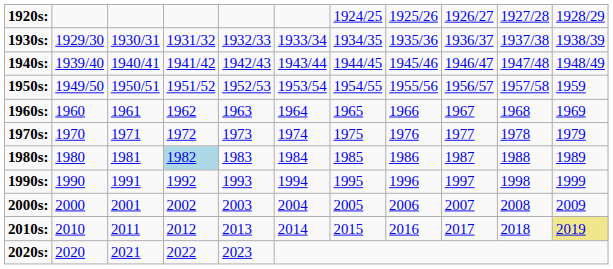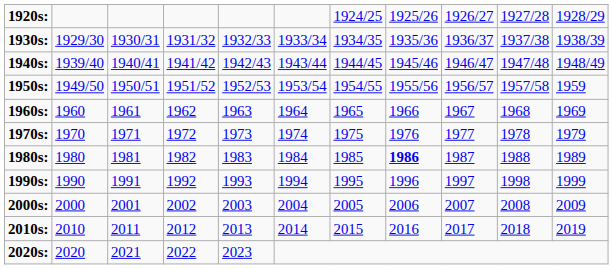 <table class="wikitable" style="width: 650px;">
 <tr>
 <td><strong>1920s:</strong></td>
 <td></td>
 <td></td>
 <td></td>
 <td></td>
 <td></td>
 <td><a href='#'>1924/25</a></td>
 <td><a href='#'>1925/26</a></td>
 <td><a href='#'>1926/27</a></td>
 <td><a href='#'>1927/28</a></td>
 <td><a href='#'>1928/29</a></td>
 </tr>
 <tr>
 <td><strong>1930s:</strong></td>
 <td><a href='#'>1929/30</a></td>
 <td><a href='#'>1930/31</a></td>
 <td><a href='#'>1931/32</a></td>
 <td><a href='#'>1932/33</a></td>
 <td><a href='#'>1933/34</a></td>
 <td><a href='#'>1934/35</a></td>
 <td><a href='#'>1935/36</a></td>
 <td><a href='#'>1936/37</a></td>
 <td><a href='#'>1937/38</a></td>
 <td><a href='#'>1938/39</a></td>
 </tr>
 <tr>
 <td><strong>1940s:</strong></td>
 <td><a href='#'>1939/40</a></td>
 <td><a href='#'>1940/41</a></td>
 <td><a href='#'>1941/42</a></td>
 <td><a href='#'>1942/43</a></td>
 <td><a href='#'>1943/44</a></td>
 <td><a href='#'>1944/45</a></td>
 <td><a href='#'>1945/46</a></td>
 <td><a href='#'>1946/47</a></td>
 <td><a href='#'>1947/48</a></td>
 <td><a href='#'>1948/49</a></td>
 </tr>
 <tr>
 <td><strong>1950s:</strong></td>
 <td><a href='#'>1949/50</a></td>
 <td><a href='#'>1950/51</a></td>
 <td><a href='#'>1951/52</a></td>
 <td><a href='#'>1952/53</a></td>
 <td><a href='#'>1953/54</a></td>
 <td><a href='#'>1954/55</a></td>
 <td><a href='#'>1955/56</a></td>
 <td><a href='#'>1956/57</a></td>
 <td><a href='#'>1957/58</a></td>
 <td><a href='#'>1959</a></td>
 </tr>
 <tr>
 <td><strong>1960s:</strong></td>
 <td><a href='#'>1960</a></td>
 <td><a href='#'>1961</a></td>
 <td><a href='#'>1962</a></td>
 <td><a href='#'>1963</a></td>
 <td><a href='#'>1964</a></td>
 <td><a href='#'>1965</a></td>
 <td><a href='#'>1966</a></td>
 <td><a href='#'>1967</a></td>
 <td><a href='#'>1968</a></td>
 <td><a href='#'>1969</a></td>
 </tr>
 <tr>
 <td><strong>1970s:</strong></td>
 <td><a href='#'>1970</a></td>
 <td><a href='#'>1971</a></td>
 <td><a href='#'>1972</a></td>
 <td><a href='#'>1973</a></td>
 <td><a href='#'>1974</a></td>
 <td><a href='#'>1975</a></td>
 <td><a href='#'>1976</a></td>
 <td><a href='#'>1977</a></td>
 <td><a href='#'>1978</a></td>
 <td><a href='#'>1979</a></td>
 </tr>
 <tr>
 <td><strong>1980s:</strong></td>
 <td><a href='#'>1980</a></td>
 <td><a href='#'>1981</a></td>
-<td style="background: lightblue;"><a href='#'>1982</a></td>
+<td><a href='#'>1982</a></td>
 <td><a href='#'>1983</a></td>
 <td><a href='#'>1984</a></td>
 <td><a href='#'>1985</a></td>
-<td><a href='#'>1986</a></td>
+<td><strong><a href='#'>1986</a></strong></td>
 <td><a href='#'>1987</a></td>
 <td><a href='#'>1988</a></td>
 <td><a href='#'>1989</a></td>
 </tr>
 <tr>
 <td><strong>1990s:</strong></td>
 <td><a href='#'>1990</a></td>
 <td><a href='#'>1991</a></td>
 <td><a href='#'>1992</a></td>
 <td><a href='#'>1993</a></td>
 <td><a href='#'>1994</a></td>
 <td><a href='#'>1995</a></td>
 <td><a href='#'>1996</a></td>
 <td><a href='#'>1997</a></td>
 <td><a href='#'>1998</a></td>
 <td><a href='#'>1999</a></td>
 </tr>
 <tr>
 <td><strong>2000s:</strong></td>
 <td><a href='#'>2000</a></td>
 <td><a href='#'>2001</a></td>
 <td><a href='#'>2002</a></td>
 <td><a href='#'>2003</a></td>
 <td><a href='#'>2004</a></td>
 <td><a href='#'>2005</a></td>
 <td><a href='#'>2006</a></td>
 <td><a href='#'>2007</a></td>
 <td><a href='#'>2008</a></td>
 <td><a href='#'>2009</a></td>
 </tr>
 <tr>
 <td><strong>2010s:</strong></td>
 <td><a href='#'>2010</a></td>
 <td><a href='#'>2011</a></td>
 <td><a href='#'>2012</a></td>
 <td><a href='#'>2013</a></td>
 <td><a href='#'>2014</a></td>
 <td><a href='#'>2015</a></td>
 <td><a href='#'>2016</a></td>
 <td><a href='#'>2017</a></td>
 <td><a href='#'>2018</a></td>
-<td style="background: khaki;"><a href='#'>2019</a></td>
+<td><a href='#'>2019</a></td>
 </tr>
 <tr>
 <td><strong>2020s:</strong></td>
 <td><a href='#'>2020</a></td>
 <td><a href='#'>2021</a></td>
 <td><a href='#'>2022</a></td>
 <td><a href='#'>2023</a></td>
 </tr>
 </table>
